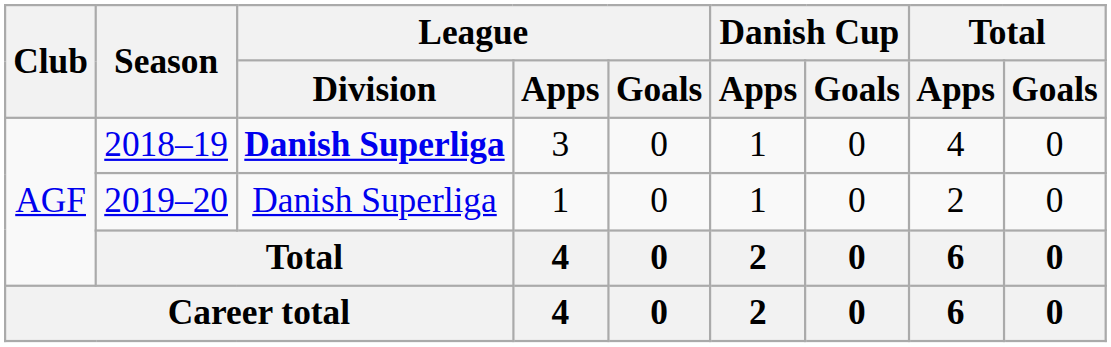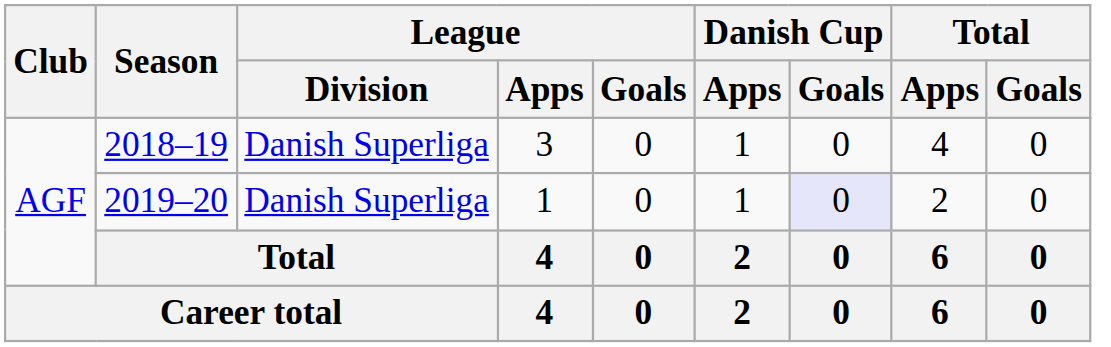 <table class="wikitable" style="text-align: center;">
 <tr>
 <th rowspan=2>Club</th>
 <th rowspan=2>Season</th>
 <th colspan=3>League</th>
 <th colspan=2>Danish Cup</th>
 <th colspan=2>Total</th>
 </tr>
 <tr>
 <th>Division</th>
 <th>Apps</th>
 <th>Goals</th>
 <th>Apps</th>
 <th>Goals</th>
 <th>Apps</th>
 <th>Goals</th>
 </tr>
 <tr>
 <td rowspan=3><a href='#'>AGF</a></td>
 <td><a href='#'>2018–19</a></td>
-<td><strong><a href='#'>Danish Superliga</a></strong></td>
+<td><a href='#'>Danish Superliga</a></td>
 <td>3</td>
 <td>0</td>
 <td>1</td>
 <td>0</td>
 <td>4</td>
 <td>0</td>
 </tr>
 <tr>
 <td><a href='#'>2019–20</a></td>
 <td><a href='#'>Danish Superliga</a></td>
 <td>1</td>
 <td>0</td>
 <td>1</td>
-<td>0</td>
+<td style="background: lavender;">0</td>
 <td>2</td>
 <td>0</td>
 </tr>
 <tr>
 <th colspan=2>Total</th>
 <th>4</th>
 <th>0</th>
 <th>2</th>
 <th>0</th>
 <th>6</th>
 <th>0</th>
 </tr>
 <tr>
 <th colspan=3>Career total</th>
 <th>4</th>
 <th>0</th>
 <th>2</th>
 <th>0</th>
 <th>6</th>
 <th>0</th>
 </tr>
 </table>
